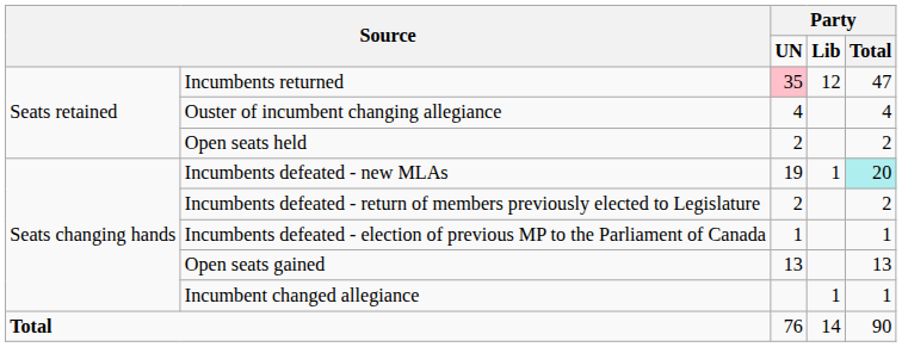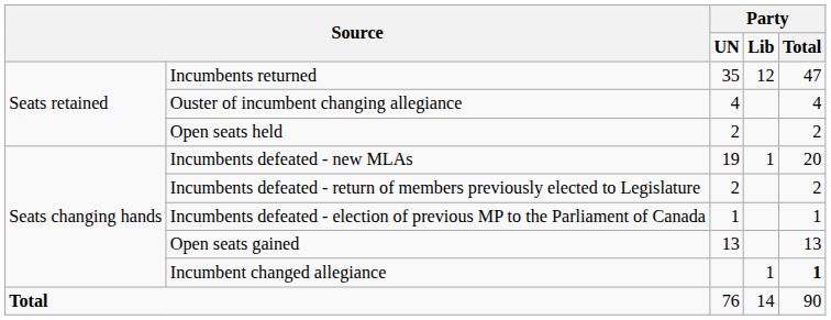 <table class="wikitable" style="text-align:right;">
 <tr>
 <th colspan="2" rowspan="2">Source</th>
 <th colspan="3">Party</th>
 </tr>
 <tr>
 <td><strong>UN</strong></td>
 <td><strong>Lib</strong></td>
 <th>Total</th>
 </tr>
 <tr>
 <td rowspan="3" style="text-align:left;">Seats retained</td>
 <td style="text-align:left;">Incumbents returned</td>
-<td style="background: pink;">35</td>
+<td>35</td>
 <td>12</td>
 <td>47</td>
 </tr>
 <tr>
 <td style="text-align:left;">Ouster of incumbent changing allegiance</td>
 <td>4</td>
 <td></td>
 <td>4</td>
 </tr>
 <tr>
 <td style="text-align:left;">Open seats held</td>
 <td>2</td>
 <td></td>
 <td>2</td>
 </tr>
 <tr>
 <td rowspan="5" style="text-align:left;">Seats changing hands</td>
 <td style="text-align:left;">Incumbents defeated - new MLAs</td>
 <td>19</td>
 <td>1</td>
-<td style="background: paleturquoise;">20</td>
+<td>20</td>
 </tr>
 <tr>
 <td style="text-align:left;">Incumbents defeated - return of members previously elected to Legislature</td>
 <td>2</td>
 <td></td>
 <td>2</td>
 </tr>
 <tr>
 <td style="text-align:left;">Incumbents defeated - election of previous MP to the Parliament of Canada</td>
 <td>1</td>
 <td></td>
 <td>1</td>
 </tr>
 <tr>
 <td style="text-align:left;">Open seats gained</td>
 <td>13</td>
 <td></td>
 <td>13</td>
 </tr>
 <tr>
 <td style="text-align:left;">Incumbent changed allegiance</td>
 <td></td>
 <td>1</td>
-<td>1</td>
+<td><strong>1</strong></td>
 </tr>
 <tr>
 <td colspan="2" style="text-align:left;"><strong>Total</strong></td>
 <td>76</td>
 <td>14</td>
 <td>90</td>
 </tr>
 </table>
